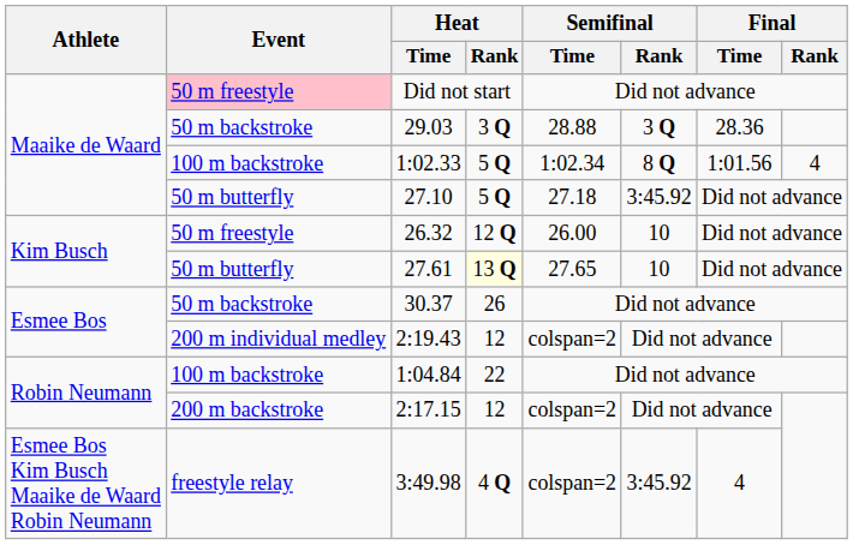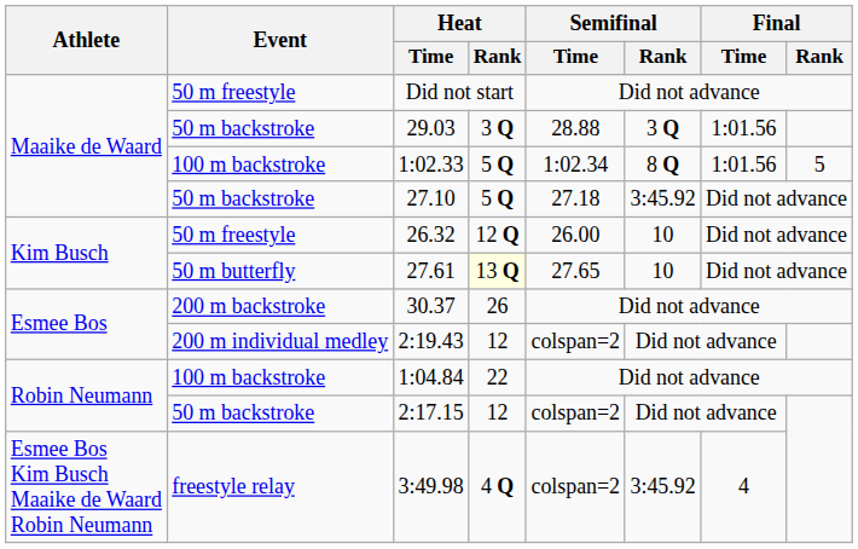 <table class=wikitable style="font-size:90%">
 <tr>
 <th rowspan=2>Athlete</th>
 <th rowspan=2>Event</th>
 <th colspan="2">Heat</th>
 <th colspan="2">Semifinal</th>
 <th colspan="2">Final</th>
 </tr>
 <tr style="font-size:95%">
 <th>Time</th>
 <th>Rank</th>
 <th>Time</th>
 <th>Rank</th>
 <th>Time</th>
 <th>Rank</th>
 </tr>
 <tr align=center>
 <td align=left rowspan=4><a href='#'>Maaike de Waard</a></td>
-<td align=left style="background: pink;"><a href='#'>50 m freestyle</a></td>
+<td align=left><a href='#'>50 m freestyle</a></td>
 <td colspan=2>Did not start</td>
 <td colspan=4>Did not advance</td>
 </tr>
 <tr align=center>
 <td align=left><a href='#'>50 m backstroke</a></td>
 <td>29.03</td>
 <td>3 <strong>Q</strong></td>
 <td>28.88</td>
 <td>3 <strong>Q</strong></td>
-<td>28.36</td>
+<td>1:01.56</td>
 <td></td>
 </tr>
 <tr align=center>
 <td align=left><a href='#'>100 m backstroke</a></td>
 <td>1:02.33</td>
 <td>5 <strong>Q</strong></td>
 <td>1:02.34</td>
 <td>8 <strong>Q</strong></td>
 <td>1:01.56</td>
-<td>4</td>
+<td>5</td>
 </tr>
 <tr align=center>
-<td align=left><a href='#'>50 m butterfly</a></td>
+<td align=left><a href='#'>50 m backstroke</a></td>
 <td>27.10</td>
 <td>5 <strong>Q</strong></td>
 <td>27.18</td>
 <td>3:45.92</td>
 <td colspan=2>Did not advance</td>
 </tr>
 <tr align=center>
 <td align=left rowspan=2><a href='#'>Kim Busch</a></td>
 <td align=left><a href='#'>50 m freestyle</a></td>
 <td>26.32</td>
 <td>12 <strong>Q</strong></td>
 <td>26.00</td>
 <td>10</td>
 <td colspan=2>Did not advance</td>
 </tr>
 <tr align=center>
 <td align=left><a href='#'>50 m butterfly</a></td>
 <td>27.61</td>
 <td style="background: lightyellow;">13 <strong>Q</strong></td>
 <td>27.65</td>
 <td>10</td>
 <td colspan=2>Did not advance</td>
 </tr>
 <tr align=center>
 <td align=left rowspan=2><a href='#'>Esmee Bos</a></td>
-<td align=left><a href='#'>50 m backstroke</a></td>
+<td align=left><a href='#'>200 m backstroke</a></td>
 <td>30.37</td>
 <td>26</td>
 <td colspan=4>Did not advance</td>
 </tr>
 <tr align=center>
 <td align=left><a href='#'>200 m individual medley</a></td>
 <td>2:19.43</td>
 <td>12</td>
 <td>colspan=2 </td>
 <td colspan=2>Did not advance</td>
 </tr>
 <tr align=center>
 <td align=left rowspan=2><a href='#'>Robin Neumann</a></td>
 <td align=left><a href='#'>100 m backstroke</a></td>
 <td>1:04.84</td>
 <td>22</td>
 <td colspan=4>Did not advance</td>
 </tr>
 <tr align=center>
-<td align=left><a href='#'>200 m backstroke</a></td>
+<td align=left><a href='#'>50 m backstroke</a></td>
 <td>2:17.15</td>
 <td>12</td>
 <td>colspan=2 </td>
 <td colspan=2>Did not advance</td>
 </tr>
 <tr align=center>
 <td align=left><a href='#'>Esmee Bos</a><br><a href='#'>Kim Busch</a><br><a href='#'>Maaike de Waard</a><br><a href='#'>Robin Neumann</a></td>
 <td align=left><a href='#'> freestyle relay</a></td>
 <td>3:49.98</td>
 <td>4 <strong>Q</strong></td>
 <td>colspan=2 </td>
 <td>3:45.92</td>
 <td>4</td>
 </tr>
 </table>
